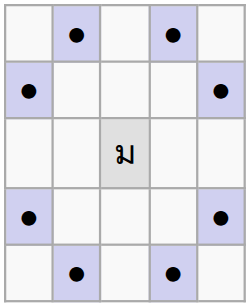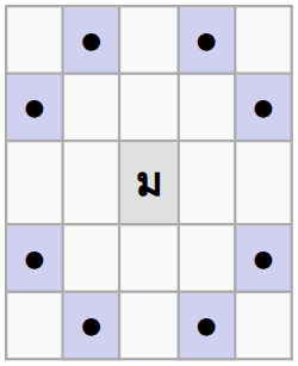 <table border="1" class="wikitable" style="width:107px; font-size:95%;">
 <tr style="text-align:center;">
 <td width="20"> </td>
 <td width="20" style="background:#D0D0F0;">●</td>
 <td width="20"> </td>
 <td width="20" style="background:#D0D0F0;">●</td>
 <td width="20"> </td>
 </tr>
 <tr style="text-align:center;">
 <td style="background:#D0D0F0;">●</td>
 <td> </td>
 <td> </td>
 <td> </td>
 <td style="background:#D0D0F0;">●</td>
 </tr>
 <tr style="text-align:center;">
 <td> </td>
 <td> </td>
-<td style="background:#E0E0E0;">ม</td>
+<td style="background:#E0E0E0;"><strong>ม</strong></td>
 <td> </td>
 <td> </td>
 </tr>
 <tr style="text-align:center;">
 <td style="background:#D0D0F0;">●</td>
 <td> </td>
 <td> </td>
 <td> </td>
 <td style="background:#D0D0F0;">●</td>
 </tr>
 <tr style="text-align:center;">
 <td> </td>
 <td style="background:#D0D0F0;">●</td>
 <td> </td>
 <td style="background:#D0D0F0;">●</td>
 <td> </td>
 </tr>
 </table>
